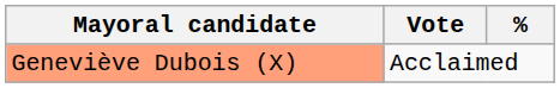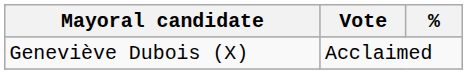 <table class="wikitable">
 <tr>
 <th bgcolor="#DDDDFF" width="200px">Mayoral candidate</th>
 <th bgcolor="#DDDDFF" width="50px">Vote</th>
 <th bgcolor="#DDDDFF"  width="30px">%</th>
 </tr>
 <tr>
-<td style="background: lightsalmon;">Geneviève Dubois (X)</td>
+<td>Geneviève Dubois (X)</td>
 <td colspan="2">Acclaimed</td>
 </tr>
 </table>
